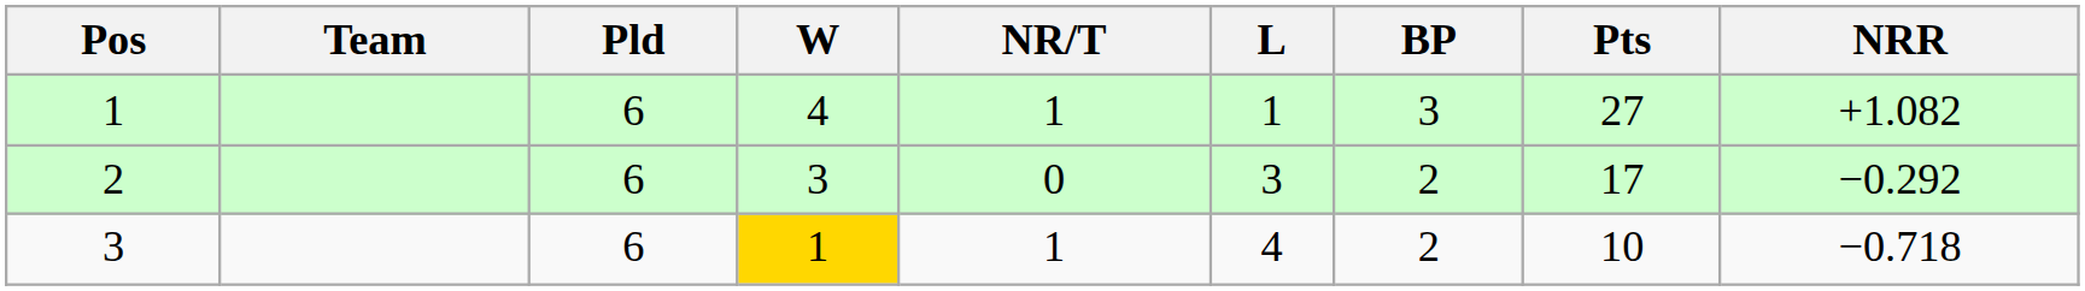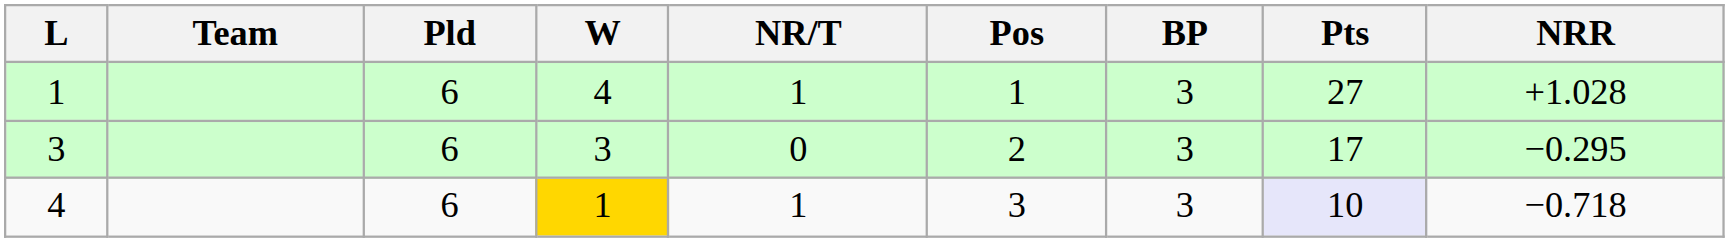 <table class="wikitable" style="text-align:center;width:60%">
 <tr>
-<th>Pos</th>
+<th>L</th>
 <th>Team</th>
 <th>Pld</th>
 <th>W</th>
 <th>NR/T</th>
-<th>L</th>
+<th>Pos</th>
 <th>BP</th>
 <th>Pts</th>
 <th>NRR</th>
 </tr>
 <tr bgcolor="#ccffcc" align="center">
 <td>1</td>
 <td align="left"></td>
 <td>6</td>
 <td>4</td>
 <td>1</td>
 <td>1</td>
 <td>3</td>
 <td>27</td>
-<td>+1.082</td>
+<td>+1.028</td>
 </tr>
 <tr bgcolor="#ccffcc" align="center">
-<td>2</td>
+<td>3</td>
 <td align="left"></td>
 <td>6</td>
 <td>3</td>
 <td>0</td>
+<td>2</td>
 <td>3</td>
-<td>2</td>
 <td>17</td>
-<td>−0.292</td>
+<td>−0.295</td>
 </tr>
 <tr align="center">
-<td>3</td>
+<td>4</td>
 <td align="left"></td>
 <td>6</td>
 <td style="background: gold;">1</td>
 <td>1</td>
-<td>4</td>
-<td>2</td>
-<td>10</td>
+<td>3</td>
+<td>3</td>
+<td style="background: lavender;">10</td>
 <td>−0.718</td>
 </tr>
 </table>
